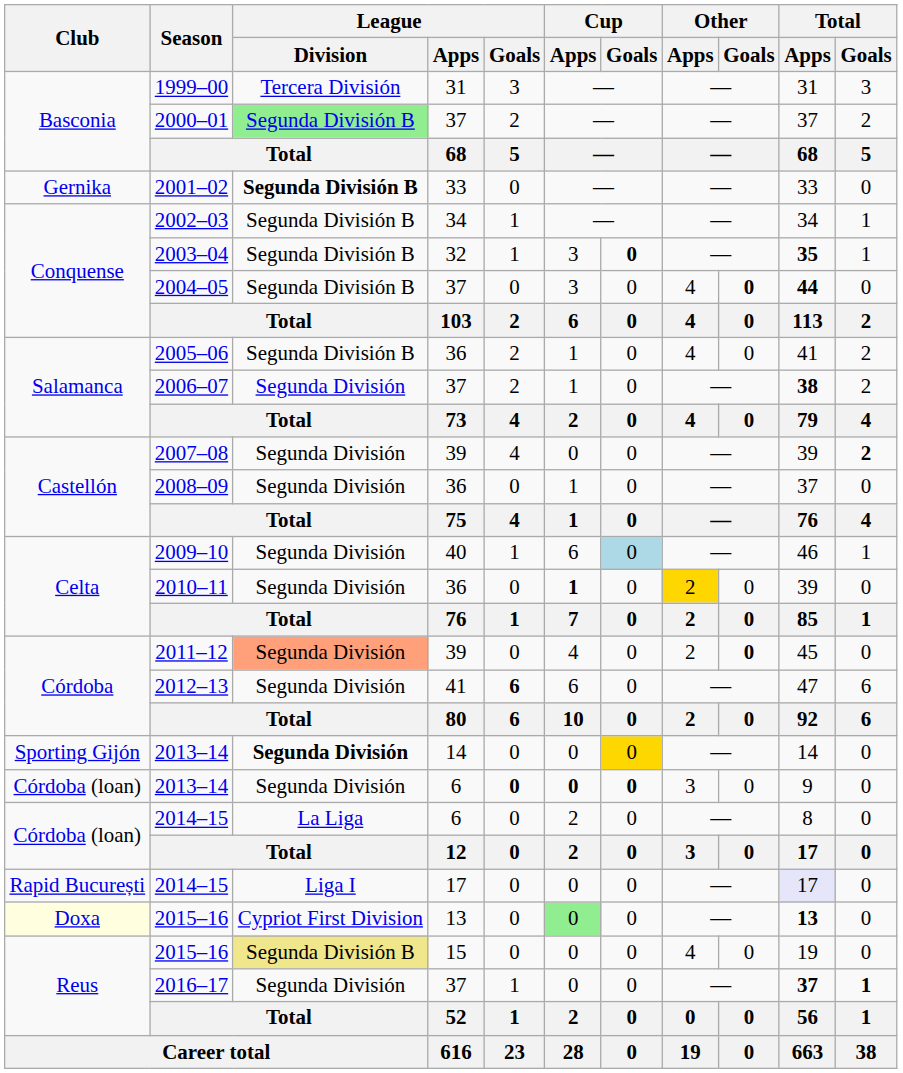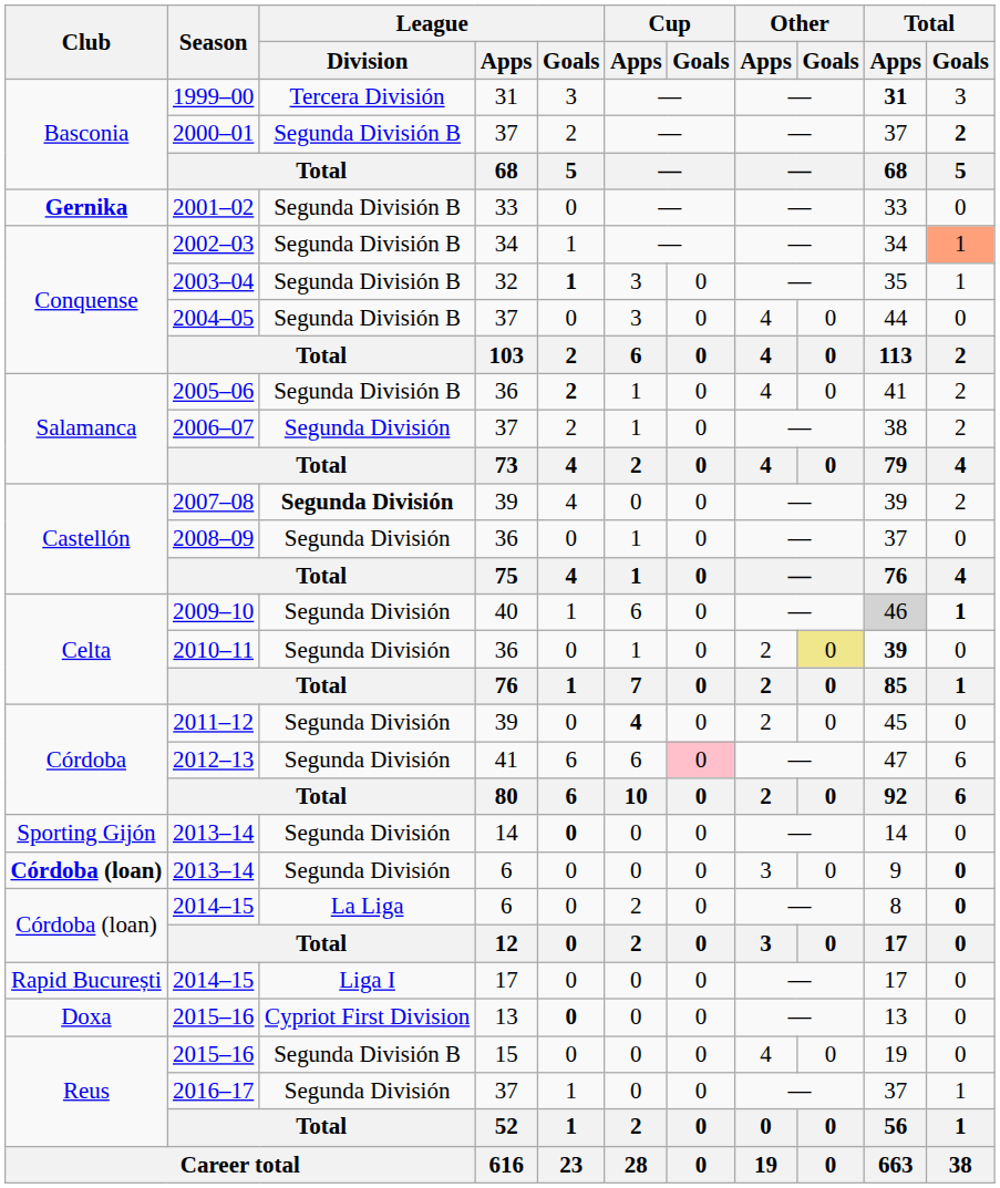 <table class="wikitable" style="text-align: center;">
 <tr>
 <th rowspan="2">Club</th>
 <th rowspan="2">Season</th>
 <th colspan="3">League</th>
 <th colspan="2">Cup</th>
 <th colspan="2">Other</th>
 <th colspan="2">Total</th>
 </tr>
 <tr>
 <th>Division</th>
 <th>Apps</th>
 <th>Goals</th>
 <th>Apps</th>
 <th>Goals</th>
 <th>Apps</th>
 <th>Goals</th>
 <th>Apps</th>
 <th>Goals</th>
 </tr>
 <tr>
 <td rowspan="3"><a href='#'>Basconia</a></td>
 <td><a href='#'>1999–00</a></td>
 <td><a href='#'>Tercera División</a></td>
 <td>31</td>
 <td>3</td>
 <td colspan="2">—</td>
 <td colspan="2">—</td>
-<td>31</td>
+<td><strong>31</strong></td>
 <td>3</td>
 </tr>
 <tr>
 <td><a href='#'>2000–01</a></td>
-<td style="background: lightgreen;"><a href='#'>Segunda División B</a></td>
+<td><a href='#'>Segunda División B</a></td>
 <td>37</td>
 <td>2</td>
 <td colspan="2">—</td>
 <td colspan="2">—</td>
 <td>37</td>
-<td>2</td>
+<td><strong>2</strong></td>
 </tr>
 <tr>
 <th colspan="2">Total</th>
 <th>68</th>
 <th>5</th>
 <th colspan="2">—</th>
 <th colspan="2">—</th>
 <th>68</th>
 <th>5</th>
 </tr>
 <tr>
-<td rowspan="1"><a href='#'>Gernika</a></td>
+<td rowspan="1"><strong><a href='#'>Gernika</a></strong></td>
 <td><a href='#'>2001–02</a></td>
-<td><strong>Segunda División B</strong></td>
+<td>Segunda División B</td>
 <td>33</td>
 <td>0</td>
 <td colspan="2">—</td>
 <td colspan="2">—</td>
 <td>33</td>
 <td>0</td>
 </tr>
 <tr>
 <td rowspan="4"><a href='#'>Conquense</a></td>
 <td><a href='#'>2002–03</a></td>
 <td>Segunda División B</td>
 <td>34</td>
 <td>1</td>
 <td colspan="2">—</td>
 <td colspan="2">—</td>
 <td>34</td>
-<td>1</td>
+<td style="background: lightsalmon;">1</td>
 </tr>
 <tr>
 <td><a href='#'>2003–04</a></td>
 <td>Segunda División B</td>
 <td>32</td>
-<td>1</td>
+<td><strong>1</strong></td>
 <td>3</td>
-<td><strong>0</strong></td>
+<td>0</td>
 <td colspan="2">—</td>
-<td><strong>35</strong></td>
+<td>35</td>
 <td>1</td>
 </tr>
 <tr>
 <td><a href='#'>2004–05</a></td>
 <td>Segunda División B</td>
 <td>37</td>
 <td>0</td>
 <td>3</td>
 <td>0</td>
 <td>4</td>
-<td><strong>0</strong></td>
-<td><strong>44</strong></td>
+<td>0</td>
+<td>44</td>
 <td>0</td>
 </tr>
 <tr>
 <th colspan="2">Total</th>
 <th>103</th>
 <th>2</th>
 <th>6</th>
 <th>0</th>
 <th>4</th>
 <th>0</th>
 <th>113</th>
 <th>2</th>
 </tr>
 <tr>
 <td rowspan="3"><a href='#'>Salamanca</a></td>
 <td><a href='#'>2005–06</a></td>
 <td>Segunda División B</td>
 <td>36</td>
-<td>2</td>
+<td><strong>2</strong></td>
 <td>1</td>
 <td>0</td>
 <td>4</td>
 <td>0</td>
 <td>41</td>
 <td>2</td>
 </tr>
 <tr>
 <td><a href='#'>2006–07</a></td>
 <td><a href='#'>Segunda División</a></td>
 <td>37</td>
 <td>2</td>
 <td>1</td>
 <td>0</td>
 <td colspan="2">—</td>
-<td><strong>38</strong></td>
+<td>38</td>
 <td>2</td>
 </tr>
 <tr>
 <th colspan="2">Total</th>
 <th>73</th>
 <th>4</th>
 <th>2</th>
 <th>0</th>
 <th>4</th>
 <th>0</th>
 <th>79</th>
 <th>4</th>
 </tr>
 <tr>
 <td rowspan="3"><a href='#'>Castellón</a></td>
 <td><a href='#'>2007–08</a></td>
-<td>Segunda División</td>
+<td><strong>Segunda División</strong></td>
 <td>39</td>
 <td>4</td>
 <td>0</td>
 <td>0</td>
 <td colspan="2">—</td>
 <td>39</td>
-<td><strong>2</strong></td>
+<td>2</td>
 </tr>
 <tr>
 <td><a href='#'>2008–09</a></td>
 <td>Segunda División</td>
 <td>36</td>
 <td>0</td>
 <td>1</td>
 <td>0</td>
 <td colspan="2">—</td>
 <td>37</td>
 <td>0</td>
 </tr>
 <tr>
 <th colspan="2">Total</th>
 <th>75</th>
 <th>4</th>
 <th>1</th>
 <th>0</th>
 <th colspan="2">—</th>
 <th>76</th>
 <th>4</th>
 </tr>
 <tr>
 <td rowspan="3"><a href='#'>Celta</a></td>
 <td><a href='#'>2009–10</a></td>
 <td>Segunda División</td>
 <td>40</td>
 <td>1</td>
 <td>6</td>
-<td style="background: lightblue;">0</td>
+<td>0</td>
 <td colspan="2">—</td>
-<td>46</td>
-<td>1</td>
+<td style="background: lightgrey;">46</td>
+<td><strong>1</strong></td>
 </tr>
 <tr>
 <td><a href='#'>2010–11</a></td>
 <td>Segunda División</td>
 <td>36</td>
 <td>0</td>
-<td><strong>1</strong></td>
+<td>1</td>
 <td>0</td>
-<td style="background: gold;">2</td>
-<td>0</td>
-<td>39</td>
+<td>2</td>
+<td style="background: khaki;">0</td>
+<td><strong>39</strong></td>
 <td>0</td>
 </tr>
 <tr>
 <th colspan="2">Total</th>
 <th>76</th>
 <th>1</th>
 <th>7</th>
 <th>0</th>
 <th>2</th>
 <th>0</th>
 <th>85</th>
 <th>1</th>
 </tr>
 <tr>
 <td rowspan="3"><a href='#'>Córdoba</a></td>
 <td><a href='#'>2011–12</a></td>
-<td style="background: lightsalmon;">Segunda División</td>
+<td>Segunda División</td>
 <td>39</td>
 <td>0</td>
-<td>4</td>
+<td><strong>4</strong></td>
 <td>0</td>
 <td>2</td>
-<td><strong>0</strong></td>
+<td>0</td>
 <td>45</td>
 <td>0</td>
 </tr>
 <tr>
 <td><a href='#'>2012–13</a></td>
 <td>Segunda División</td>
 <td>41</td>
-<td><strong>6</strong></td>
 <td>6</td>
-<td>0</td>
+<td>6</td>
+<td style="background: pink;">0</td>
 <td colspan="2">—</td>
 <td>47</td>
 <td>6</td>
 </tr>
 <tr>
 <th colspan="2">Total</th>
 <th>80</th>
 <th>6</th>
 <th>10</th>
 <th>0</th>
 <th>2</th>
 <th>0</th>
 <th>92</th>
 <th>6</th>
 </tr>
 <tr>
 <td rowspan="1"><a href='#'>Sporting Gijón</a></td>
 <td><a href='#'>2013–14</a></td>
-<td><strong>Segunda División</strong></td>
+<td>Segunda División</td>
 <td>14</td>
+<td><strong>0</strong></td>
 <td>0</td>
 <td>0</td>
-<td style="background: gold;">0</td>
 <td colspan="2">—</td>
 <td>14</td>
 <td>0</td>
 </tr>
 <tr>
-<td rowspan="1"><a href='#'>Córdoba</a> (loan)</td>
+<td rowspan="1"><strong><a href='#'>Córdoba</a> (loan)</strong></td>
 <td><a href='#'>2013–14</a></td>
 <td>Segunda División</td>
 <td>6</td>
-<td><strong>0</strong></td>
-<td><strong>0</strong></td>
-<td><strong>0</strong></td>
+<td>0</td>
+<td>0</td>
+<td>0</td>
 <td>3</td>
 <td>0</td>
 <td>9</td>
-<td>0</td>
+<td><strong>0</strong></td>
 </tr>
 <tr>
 <td rowspan="2"><a href='#'>Córdoba</a> (loan)</td>
 <td><a href='#'>2014–15</a></td>
 <td><a href='#'>La Liga</a></td>
 <td>6</td>
 <td>0</td>
 <td>2</td>
 <td>0</td>
 <td colspan="2">—</td>
 <td>8</td>
-<td>0</td>
+<td><strong>0</strong></td>
 </tr>
 <tr>
 <th colspan="2">Total</th>
 <th>12</th>
 <th>0</th>
 <th>2</th>
 <th>0</th>
 <th>3</th>
 <th>0</th>
 <th>17</th>
 <th>0</th>
 </tr>
 <tr>
 <td rowspan="1"><a href='#'>Rapid București</a></td>
 <td><a href='#'>2014–15</a></td>
 <td><a href='#'>Liga I</a></td>
 <td>17</td>
 <td>0</td>
 <td>0</td>
 <td>0</td>
 <td colspan="2">—</td>
-<td style="background: lavender;">17</td>
+<td>17</td>
 <td>0</td>
 </tr>
 <tr>
-<td rowspan="1" style="background: lightyellow;"><a href='#'>Doxa</a></td>
+<td rowspan="1"><a href='#'>Doxa</a></td>
 <td><a href='#'>2015–16</a></td>
 <td><a href='#'>Cypriot First Division</a></td>
 <td>13</td>
+<td><strong>0</strong></td>
 <td>0</td>
-<td style="background: lightgreen;">0</td>
 <td>0</td>
 <td colspan="2">—</td>
-<td><strong>13</strong></td>
+<td>13</td>
 <td>0</td>
 </tr>
 <tr>
 <td rowspan="3"><a href='#'>Reus</a></td>
 <td><a href='#'>2015–16</a></td>
-<td style="background: khaki;">Segunda División B</td>
+<td>Segunda División B</td>
 <td>15</td>
 <td>0</td>
 <td>0</td>
 <td>0</td>
 <td>4</td>
 <td>0</td>
 <td>19</td>
 <td>0</td>
 </tr>
 <tr>
 <td><a href='#'>2016–17</a></td>
 <td>Segunda División</td>
 <td>37</td>
 <td>1</td>
 <td>0</td>
 <td>0</td>
 <td colspan="2">—</td>
-<td><strong>37</strong></td>
-<td><strong>1</strong></td>
+<td>37</td>
+<td>1</td>
 </tr>
 <tr>
 <th colspan="2">Total</th>
 <th>52</th>
 <th>1</th>
 <th>2</th>
 <th>0</th>
 <th>0</th>
 <th>0</th>
 <th>56</th>
 <th>1</th>
 </tr>
 <tr>
 <th colspan="3">Career total</th>
 <th>616</th>
 <th>23</th>
 <th>28</th>
 <th>0</th>
 <th>19</th>
 <th>0</th>
 <th>663</th>
 <th>38</th>
 </tr>
 </table>
